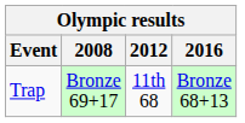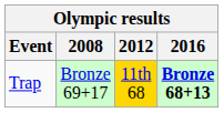 <table class="wikitable" style="text-align: center">
 <tr>
 <th colspan=6>Olympic results</th>
 </tr>
 <tr>
 <th>Event</th>
 <th>2008</th>
 <th>2012</th>
 <th>2016</th>
 </tr>
 <tr>
 <td align=left><a href='#'>Trap</a></td>
 <td style="background:#cfc;"> <a href='#'>Bronze</a><br>69+17</td>
-<td><a href='#'>11th</a><br>68</td>
-<td style="background:#cfc;"> <a href='#'>Bronze</a><br>68+13</td>
+<td style="background: gold;"><a href='#'>11th</a><br>68</td>
+<td style="background:#cfc;"><strong> <a href='#'>Bronze</a><br>68+13</strong></td>
 </tr>
 </table>
